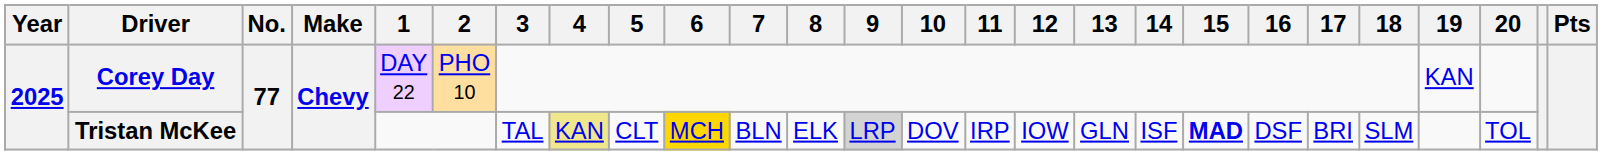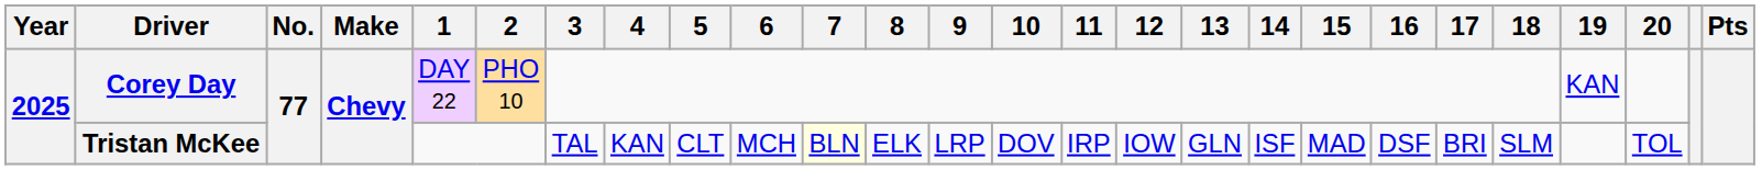 <table class="wikitable" style="text-align:center; font-size:75%">
 <tr>
 <th>Year</th>
 <th>Driver</th>
 <th>No.</th>
 <th>Make</th>
 <th>1</th>
 <th>2</th>
 <th>3</th>
 <th>4</th>
 <th>5</th>
 <th>6</th>
 <th>7</th>
 <th>8</th>
 <th>9</th>
 <th>10</th>
 <th>11</th>
 <th>12</th>
 <th>13</th>
 <th>14</th>
 <th>15</th>
 <th>16</th>
 <th>17</th>
 <th>18</th>
 <th>19</th>
 <th>20</th>
 <th></th>
 <th>Pts</th>
 </tr>
 <tr>
 <th rowspan=2><a href='#'>2025</a></th>
 <th><a href='#'>Corey Day</a></th>
 <th rowspan=2>77</th>
 <th rowspan=2><a href='#'>Chevy</a></th>
 <td style="background:#EFCFFF;"><a href='#'>DAY</a><br><small>22</small></td>
 <td style="background:#FFDF9F;"><a href='#'>PHO</a><br><small>10</small></td>
 <td colspan=16></td>
 <td><a href='#'>KAN</a></td>
 <td></td>
 <th rowspan=2></th>
 <th rowspan=2></th>
 </tr>
 <tr>
 <th>Tristan McKee</th>
 <td colspan=2></td>
 <td><a href='#'>TAL</a></td>
-<td style="background: khaki;"><a href='#'>KAN</a></td>
+<td><a href='#'>KAN</a></td>
 <td><a href='#'>CLT</a></td>
-<td style="background: gold;"><a href='#'>MCH</a></td>
-<td><a href='#'>BLN</a></td>
+<td><a href='#'>MCH</a></td>
+<td style="background: lightyellow;"><a href='#'>BLN</a></td>
 <td><a href='#'>ELK</a></td>
-<td style="background: lightgrey;"><a href='#'>LRP</a></td>
+<td><a href='#'>LRP</a></td>
 <td><a href='#'>DOV</a></td>
 <td><a href='#'>IRP</a></td>
 <td><a href='#'>IOW</a></td>
 <td><a href='#'>GLN</a></td>
 <td><a href='#'>ISF</a></td>
-<td><strong><a href='#'>MAD</a></strong></td>
+<td><a href='#'>MAD</a></td>
 <td><a href='#'>DSF</a></td>
 <td><a href='#'>BRI</a></td>
 <td><a href='#'>SLM</a></td>
 <td></td>
 <td><a href='#'>TOL</a></td>
 </tr>
 </table>
